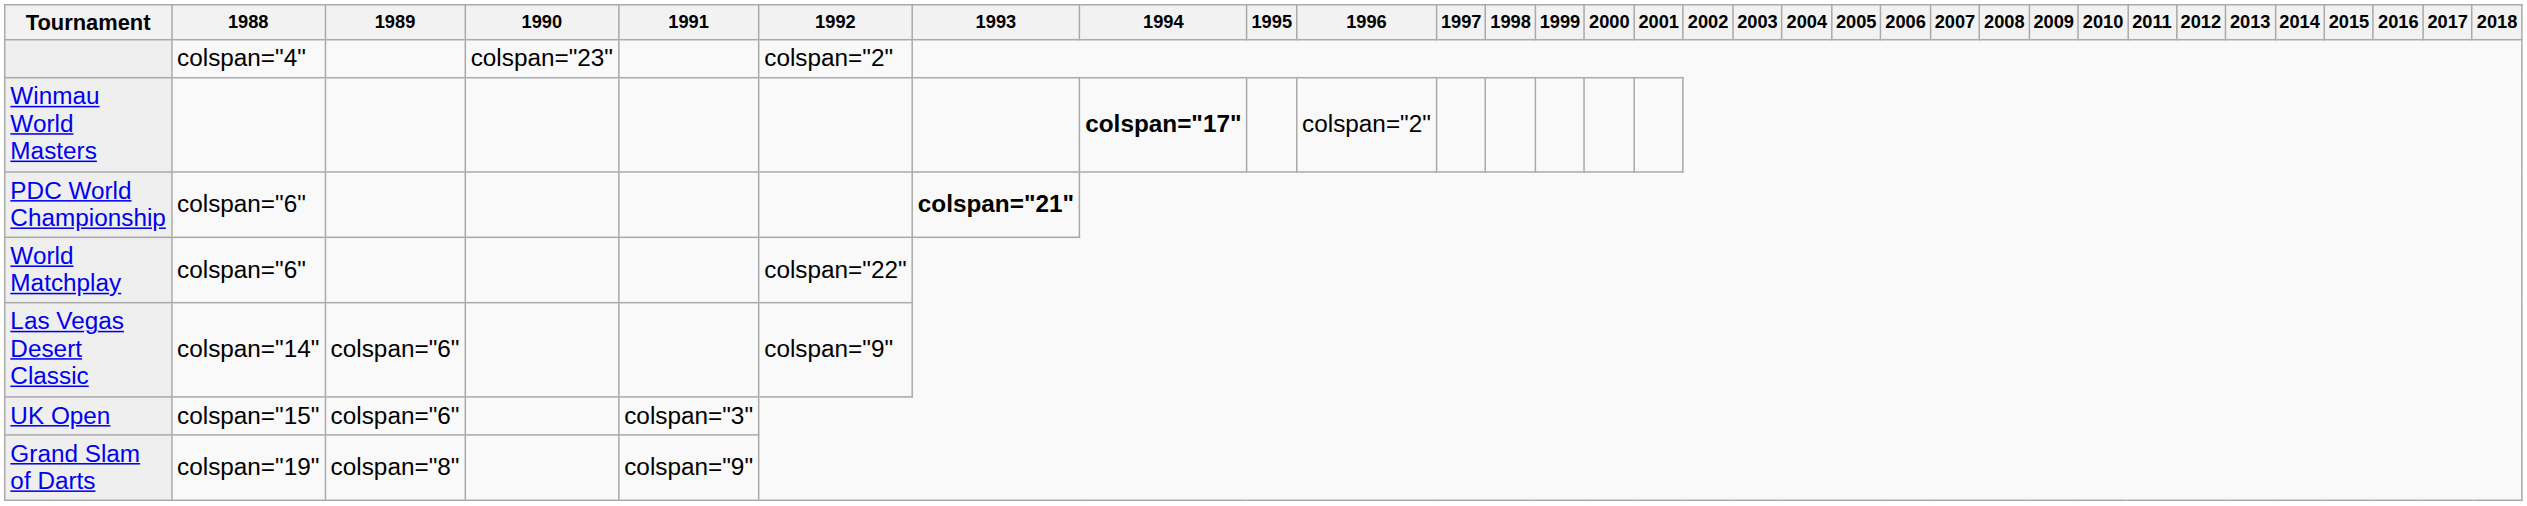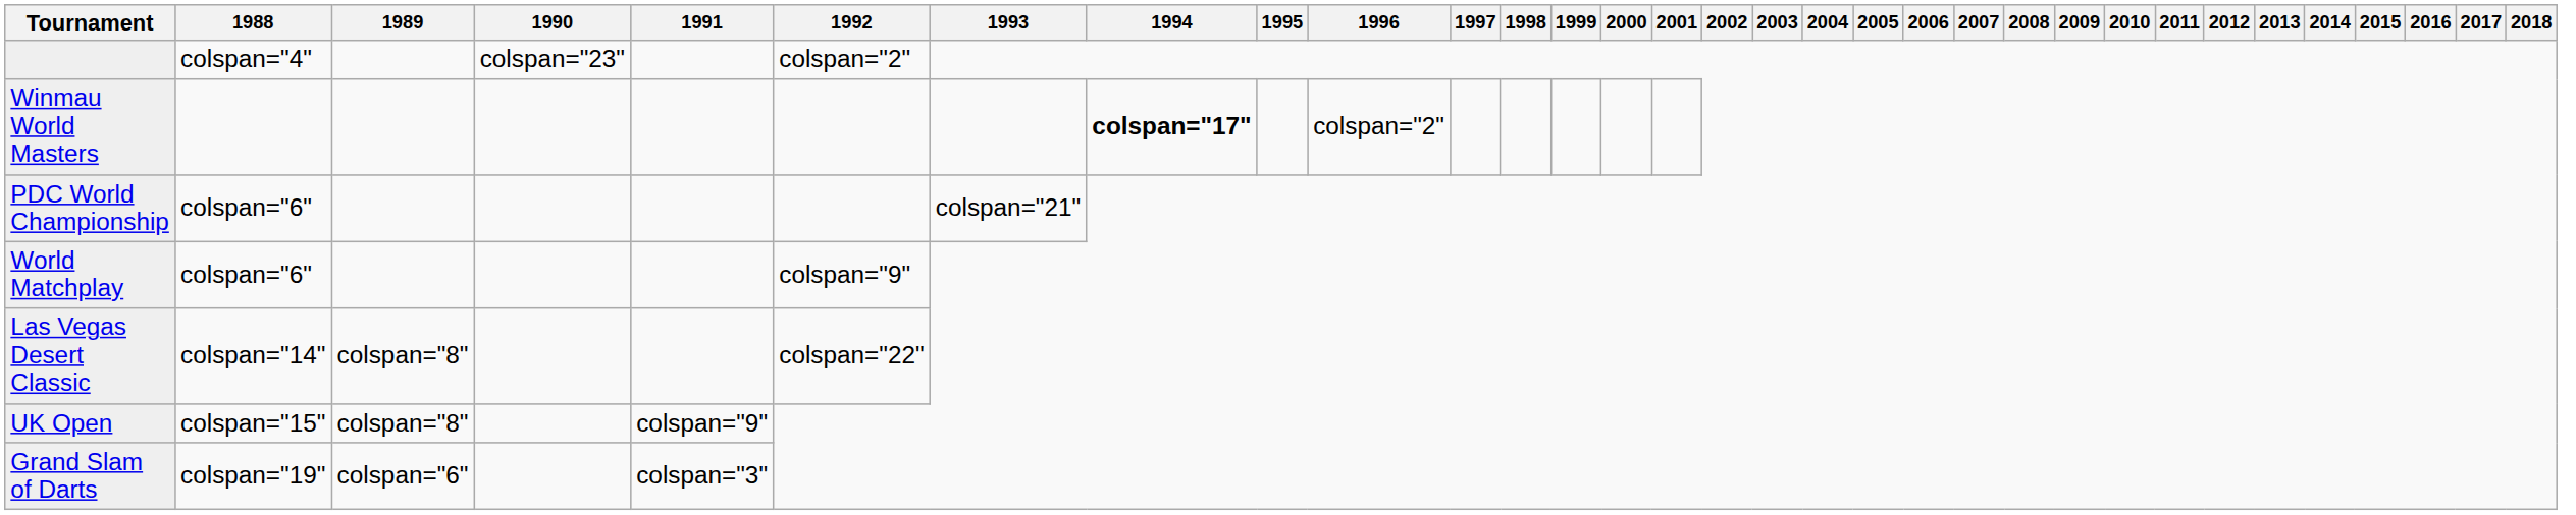 <table class="wikitable">
 <tr style="font-size:75%;">
 <th style="font-size:120%;">Tournament</th>
 <th>1988</th>
 <th>1989</th>
 <th>1990</th>
 <th>1991</th>
 <th>1992</th>
 <th>1993</th>
 <th>1994</th>
 <th>1995</th>
 <th>1996</th>
 <th>1997</th>
 <th>1998</th>
 <th>1999</th>
 <th>2000</th>
 <th>2001</th>
 <th>2002</th>
 <th>2003</th>
 <th>2004</th>
 <th>2005</th>
 <th>2006</th>
 <th>2007</th>
 <th>2008</th>
 <th>2009</th>
 <th>2010</th>
 <th>2011</th>
 <th>2012</th>
 <th>2013</th>
 <th>2014</th>
 <th>2015</th>
 <th>2016</th>
 <th>2017</th>
 <th>2018</th>
 </tr>
 <tr>
 <td style="background:#efefef;"></td>
 <td>colspan="4" </td>
 <td></td>
 <td>colspan="23" </td>
 <td></td>
 <td>colspan="2" </td>
 </tr>
 <tr>
 <td style="background:#efefef;"><a href='#'>Winmau World Masters</a></td>
 <td></td>
 <td></td>
 <td></td>
 <td></td>
 <td></td>
 <td></td>
 <td><strong>colspan="17" </strong></td>
 <td></td>
 <td>colspan="2" </td>
 <td></td>
 <td></td>
 <td></td>
 <td></td>
 <td></td>
 </tr>
 <tr>
 <td style="background:#efefef;"><a href='#'>PDC World Championship</a></td>
 <td>colspan="6" </td>
 <td></td>
 <td></td>
 <td></td>
 <td></td>
-<td><strong>colspan="21" </strong></td>
+<td>colspan="21" </td>
 </tr>
 <tr>
 <td style="background:#efefef;"><a href='#'>World Matchplay</a></td>
 <td>colspan="6" </td>
 <td></td>
 <td></td>
 <td></td>
-<td>colspan="22" </td>
+<td>colspan="9" </td>
 </tr>
 <tr>
 <td style="background:#efefef;"><a href='#'>Las Vegas Desert Classic</a></td>
 <td>colspan="14" </td>
-<td>colspan="6" </td>
+<td>colspan="8" </td>
 <td></td>
+<td></td>
+<td>colspan="22" </td>
+</tr>
+<tr>
+<td style="background:#efefef;"><a href='#'>UK Open</a></td>
+<td>colspan="15" </td>
+<td>colspan="8" </td>
 <td></td>
 <td>colspan="9" </td>
 </tr>
 <tr>
-<td style="background:#efefef;"><a href='#'>UK Open</a></td>
-<td>colspan="15" </td>
+<td style="background:#efefef;"><a href='#'>Grand Slam of Darts</a></td>
+<td>colspan="19" </td>
 <td>colspan="6" </td>
 <td></td>
 <td>colspan="3" </td>
 </tr>
-<tr>
-<td style="background:#efefef;"><a href='#'>Grand Slam of Darts</a></td>
-<td>colspan="19" </td>
-<td>colspan="8" </td>
-<td></td>
-<td>colspan="9" </td>
-</tr>
 </table>
